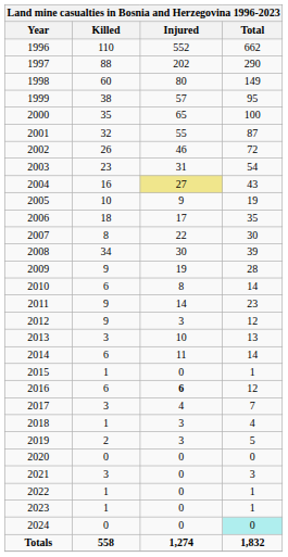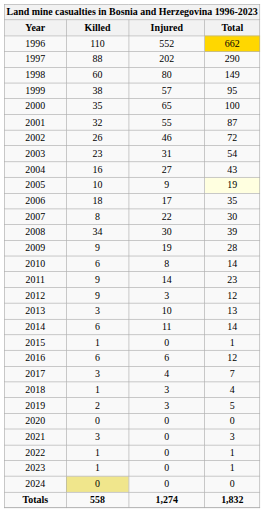 <table class="wikitable sortable" style="text-align: center;">
 <tr>
 <th colspan="4">Land mine casualties in Bosnia and Herzegovina 1996-2023</th>
 </tr>
 <tr>
 <th>Year</th>
 <th>Killed</th>
 <th>Injured</th>
 <th>Total</th>
 </tr>
 <tr>
 <td>1996</td>
 <td>110</td>
 <td>552</td>
-<td>662</td>
+<td style="background: gold;">662</td>
 </tr>
 <tr>
 <td>1997</td>
 <td>88</td>
 <td>202</td>
 <td>290</td>
 </tr>
 <tr>
 <td>1998</td>
 <td>60</td>
 <td>80</td>
 <td>149</td>
 </tr>
 <tr>
 <td>1999</td>
 <td>38</td>
 <td>57</td>
 <td>95</td>
 </tr>
 <tr>
 <td>2000</td>
 <td>35</td>
 <td>65</td>
 <td>100</td>
 </tr>
 <tr>
 <td>2001</td>
 <td>32</td>
 <td>55</td>
 <td>87</td>
 </tr>
 <tr>
 <td>2002</td>
 <td>26</td>
 <td>46</td>
 <td>72</td>
 </tr>
 <tr>
 <td>2003</td>
 <td>23</td>
 <td>31</td>
 <td>54</td>
 </tr>
 <tr>
 <td>2004</td>
 <td>16</td>
-<td style="background: khaki;">27</td>
+<td>27</td>
 <td>43</td>
 </tr>
 <tr>
 <td>2005</td>
 <td>10</td>
 <td>9</td>
-<td>19</td>
+<td style="background: lightyellow;">19</td>
 </tr>
 <tr>
 <td>2006</td>
 <td>18</td>
 <td>17</td>
 <td>35</td>
 </tr>
 <tr>
 <td>2007</td>
 <td>8</td>
 <td>22</td>
 <td>30</td>
 </tr>
 <tr>
 <td>2008</td>
 <td>34</td>
 <td>30</td>
 <td>39</td>
 </tr>
 <tr>
 <td>2009</td>
 <td>9</td>
 <td>19</td>
 <td>28</td>
 </tr>
 <tr>
 <td>2010</td>
 <td>6</td>
 <td>8</td>
 <td>14</td>
 </tr>
 <tr>
 <td>2011</td>
 <td>9</td>
 <td>14</td>
 <td>23</td>
 </tr>
 <tr>
 <td>2012</td>
 <td>9</td>
 <td>3</td>
 <td>12</td>
 </tr>
 <tr>
 <td>2013</td>
 <td>3</td>
 <td>10</td>
 <td>13</td>
 </tr>
 <tr>
 <td>2014</td>
 <td>6</td>
 <td>11</td>
 <td>14</td>
 </tr>
 <tr>
 <td>2015</td>
 <td>1</td>
 <td>0</td>
 <td>1</td>
 </tr>
 <tr>
 <td>2016</td>
 <td>6</td>
-<td><strong>6</strong></td>
+<td>6</td>
 <td>12</td>
 </tr>
 <tr>
 <td>2017</td>
 <td>3</td>
 <td>4</td>
 <td>7</td>
 </tr>
 <tr>
 <td>2018</td>
 <td>1</td>
 <td>3</td>
 <td>4</td>
 </tr>
 <tr>
 <td>2019</td>
 <td>2</td>
 <td>3</td>
 <td>5</td>
 </tr>
 <tr>
 <td>2020</td>
 <td>0</td>
 <td>0</td>
 <td>0</td>
 </tr>
 <tr>
 <td>2021</td>
 <td>3</td>
 <td>0</td>
 <td>3</td>
 </tr>
 <tr>
 <td>2022</td>
 <td>1</td>
 <td>0</td>
 <td>1</td>
 </tr>
 <tr>
 <td>2023</td>
 <td>1</td>
 <td>0</td>
 <td>1</td>
 </tr>
 <tr>
 <td>2024</td>
+<td style="background: khaki;">0</td>
 <td>0</td>
 <td>0</td>
-<td style="background: paleturquoise;">0</td>
 </tr>
 <tr>
 <td><strong>Totals</strong></td>
 <td><strong>558</strong></td>
 <td><strong>1,274</strong></td>
 <td><strong>1,832</strong></td>
 </tr>
 <tr>
 </tr>
 </table>
